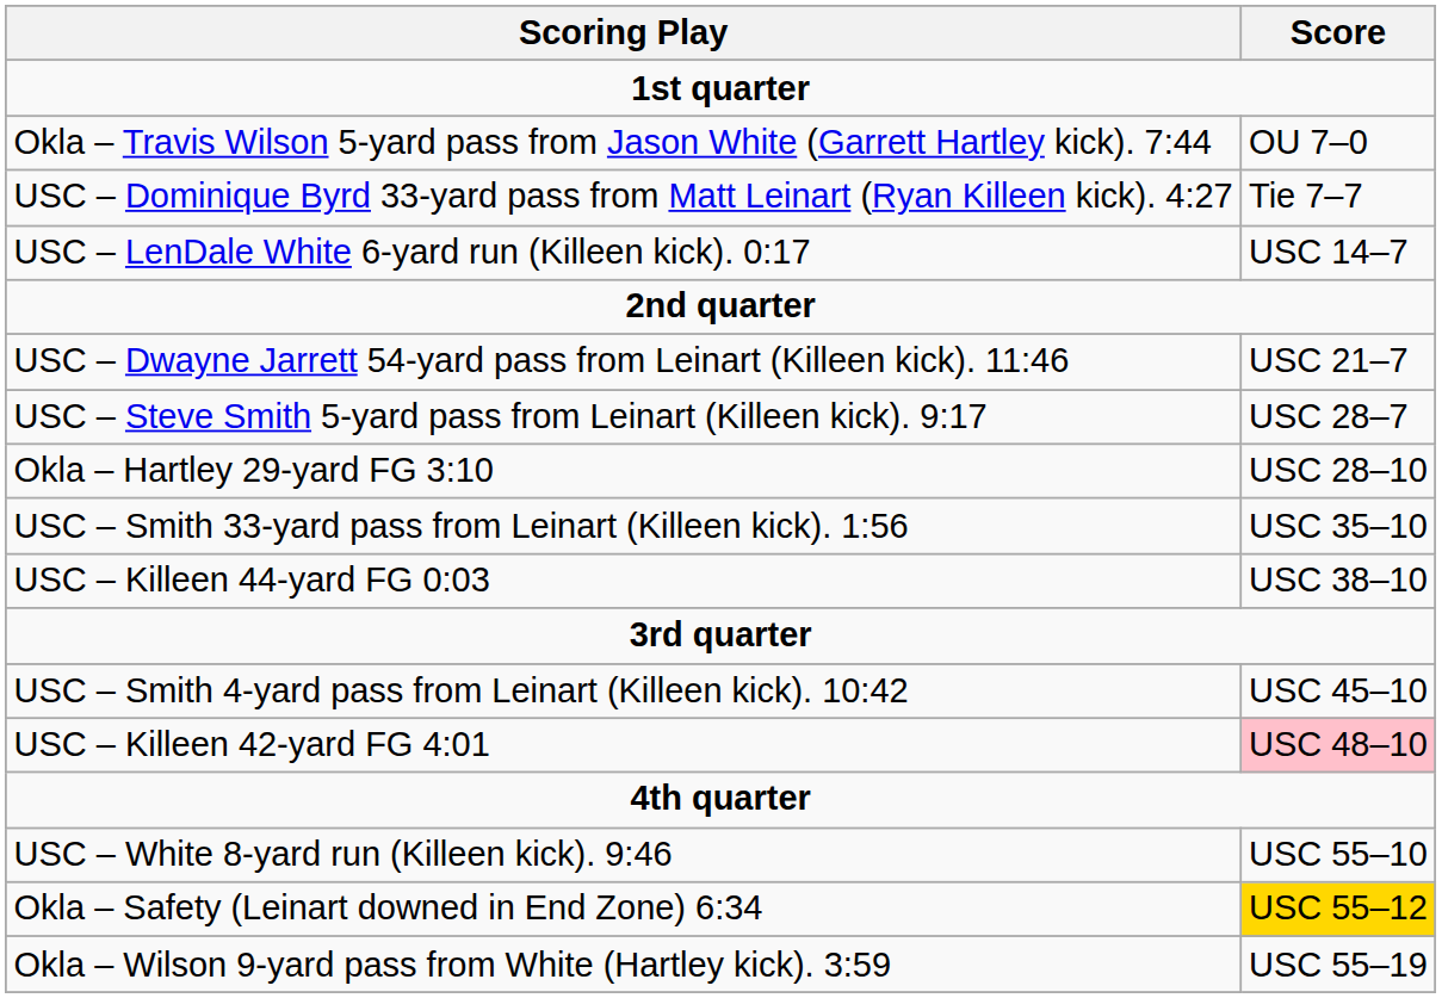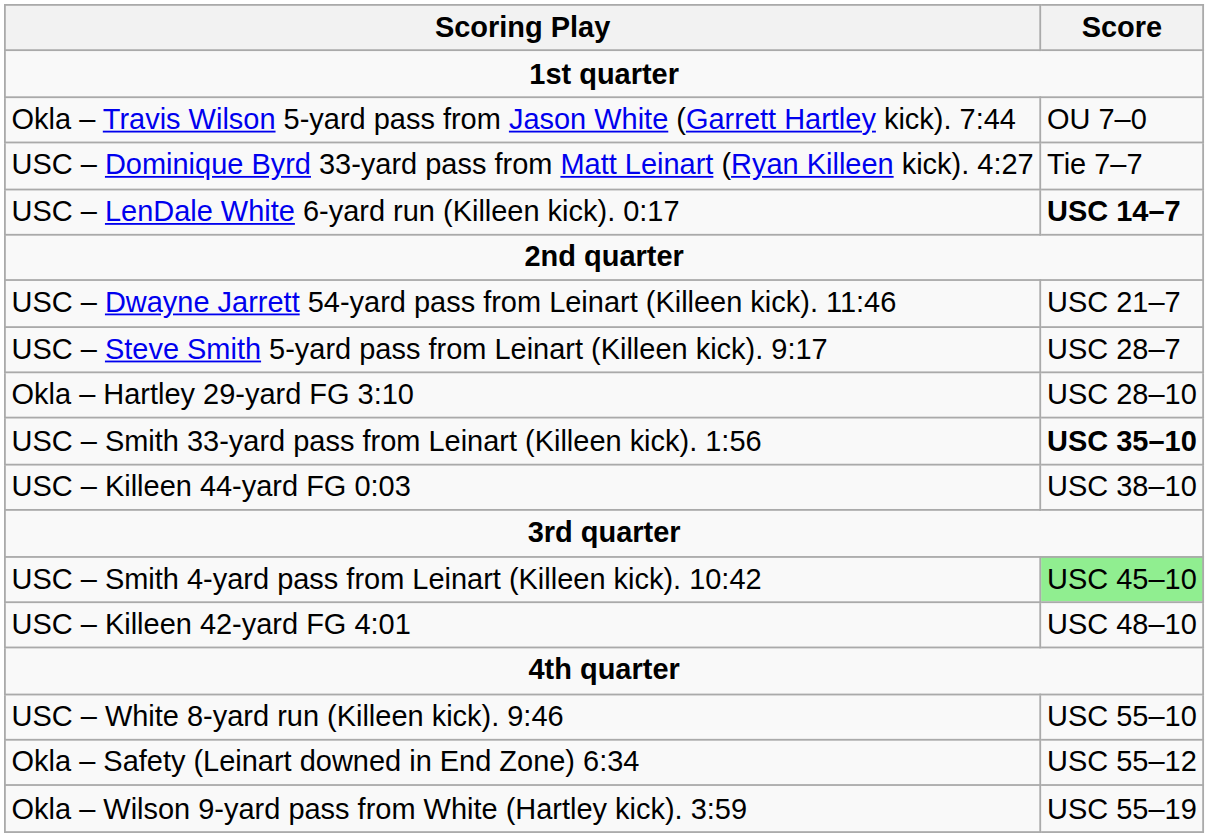 <table class="wikitable">
 <tr>
 <th>Scoring Play</th>
 <th>Score</th>
 </tr>
 <tr>
 <td colspan="4" align="center"><strong>1st quarter</strong></td>
 </tr>
 <tr>
 <td>Okla – <a href='#'>Travis Wilson</a> 5-yard pass from <a href='#'>Jason White</a> (<a href='#'>Garrett Hartley</a> kick). 7:44</td>
 <td>OU 7–0</td>
 </tr>
 <tr>
 <td>USC – <a href='#'>Dominique Byrd</a> 33-yard pass from <a href='#'>Matt Leinart</a> (<a href='#'>Ryan Killeen</a> kick). 4:27</td>
 <td>Tie 7–7</td>
 </tr>
 <tr>
 <td>USC – <a href='#'>LenDale White</a> 6-yard run (Killeen kick). 0:17</td>
-<td>USC 14–7</td>
+<td><strong>USC 14–7</strong></td>
 </tr>
 <tr>
 <td colspan="4" align="center"><strong>2nd quarter</strong></td>
 </tr>
 <tr>
 <td>USC – <a href='#'>Dwayne Jarrett</a> 54-yard pass from Leinart (Killeen kick). 11:46</td>
 <td>USC 21–7</td>
 </tr>
 <tr>
 <td>USC – <a href='#'>Steve Smith</a> 5-yard pass from Leinart (Killeen kick). 9:17</td>
 <td>USC 28–7</td>
 </tr>
 <tr>
 <td>Okla – Hartley 29-yard FG 3:10</td>
 <td>USC 28–10</td>
 </tr>
 <tr>
 <td>USC – Smith 33-yard pass from Leinart (Killeen kick). 1:56</td>
-<td>USC 35–10</td>
+<td><strong>USC 35–10</strong></td>
 </tr>
 <tr>
 <td>USC – Killeen 44-yard FG 0:03</td>
 <td>USC 38–10</td>
 </tr>
 <tr>
 <td colspan="6" align="center"><strong>3rd quarter</strong></td>
 </tr>
 <tr>
 <td>USC – Smith 4-yard pass from Leinart (Killeen kick). 10:42</td>
-<td>USC 45–10</td>
+<td style="background: lightgreen;">USC 45–10</td>
 </tr>
 <tr>
 <td>USC – Killeen 42-yard FG 4:01</td>
-<td style="background: pink;">USC 48–10</td>
+<td>USC 48–10</td>
 </tr>
 <tr>
 <td colspan="6" align="center"><strong>4th quarter</strong></td>
 </tr>
 <tr>
 <td>USC – White 8-yard run (Killeen kick). 9:46</td>
 <td>USC 55–10</td>
 </tr>
 <tr>
 <td>Okla – Safety (Leinart downed in End Zone) 6:34</td>
-<td style="background: gold;">USC 55–12</td>
+<td>USC 55–12</td>
 </tr>
 <tr>
 <td>Okla – Wilson 9-yard pass from White (Hartley kick). 3:59</td>
 <td>USC 55–19</td>
 </tr>
 </table>
